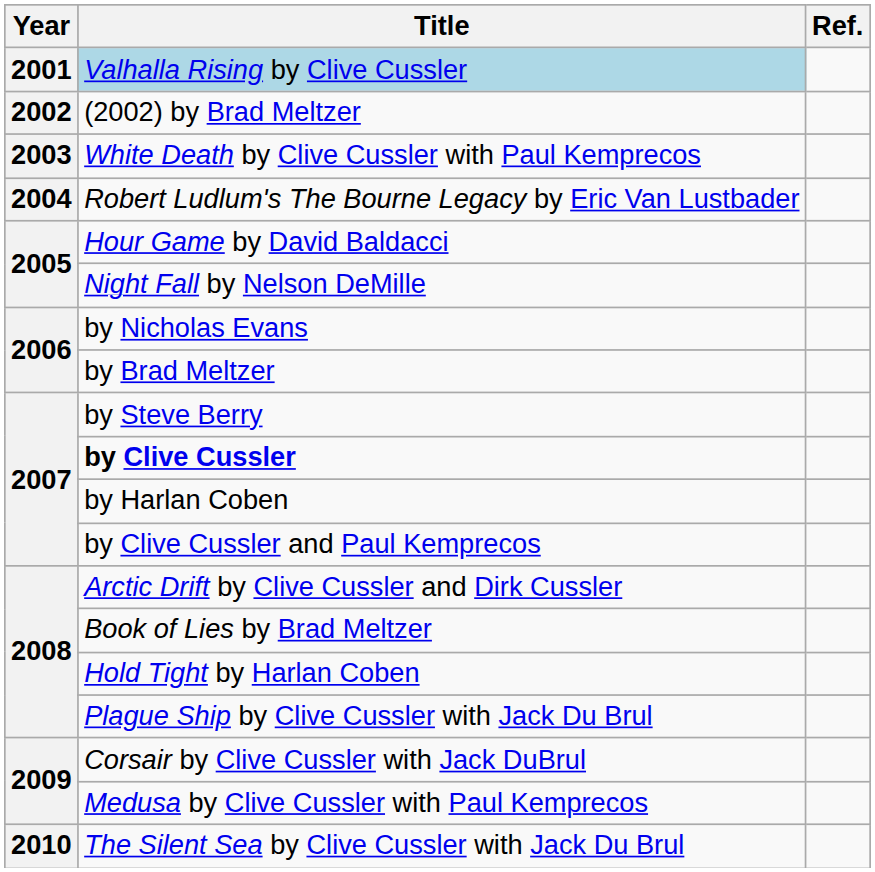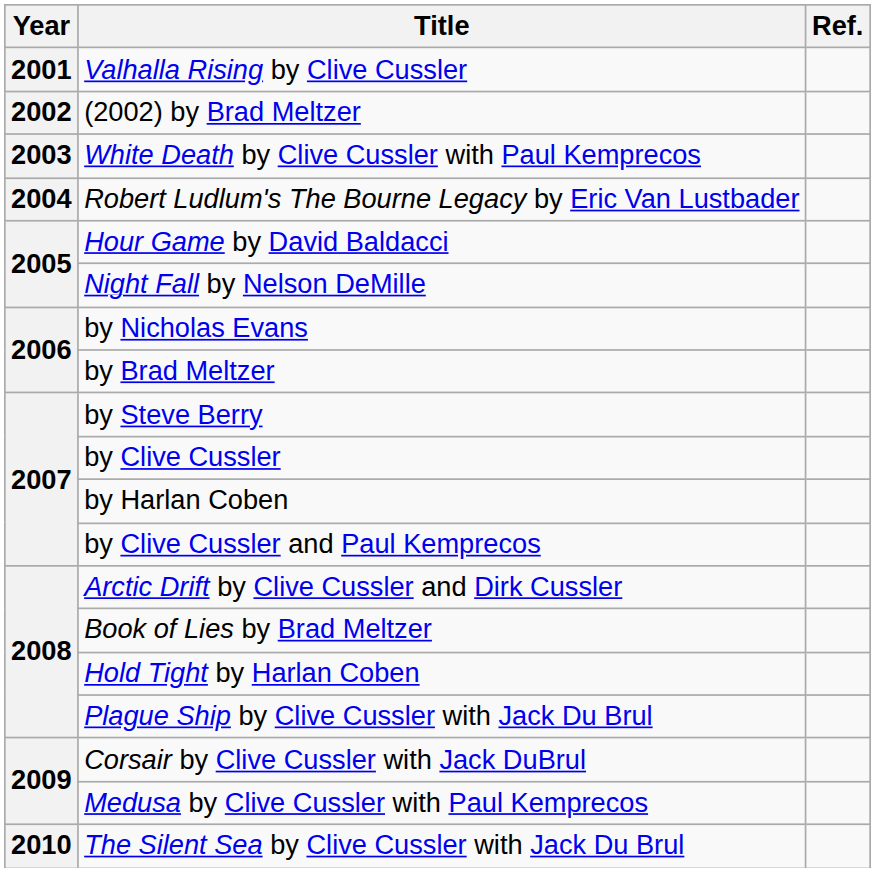 <table class="wikitable sortable mw-collapsible">
 <tr>
 <th>Year</th>
 <th>Title</th>
 <th>Ref.</th>
 </tr>
 <tr>
 <th>2001</th>
-<td style="background: lightblue;"><em><a href='#'>Valhalla Rising</a></em> by <a href='#'>Clive Cussler</a></td>
+<td><em><a href='#'>Valhalla Rising</a></em> by <a href='#'>Clive Cussler</a></td>
 <td></td>
 </tr>
 <tr>
 <th>2002</th>
 <td><em></em> (2002) by <a href='#'>Brad Meltzer</a></td>
 <td></td>
 </tr>
 <tr>
 <th>2003</th>
 <td><em><a href='#'>White Death</a></em> by <a href='#'>Clive Cussler</a> with <a href='#'>Paul Kemprecos</a></td>
 <td></td>
 </tr>
 <tr>
 <th>2004</th>
 <td><em>Robert Ludlum's The Bourne Legacy</em> by <a href='#'>Eric Van Lustbader</a></td>
 <td></td>
 </tr>
 <tr>
 <th rowspan="2">2005</th>
 <td><em><a href='#'>Hour Game</a></em> by <a href='#'>David Baldacci</a></td>
 <td></td>
 </tr>
 <tr>
 <td><em><a href='#'>Night Fall</a></em> by <a href='#'>Nelson DeMille</a></td>
 <td></td>
 </tr>
 <tr>
 <th rowspan="2">2006</th>
 <td><em></em> by <a href='#'>Nicholas Evans</a></td>
 <td></td>
 </tr>
 <tr>
 <td><em></em> by <a href='#'>Brad Meltzer</a></td>
 <td></td>
 </tr>
 <tr>
 <th rowspan="4">2007</th>
 <td><em></em> by <a href='#'>Steve Berry</a></td>
 <td></td>
 </tr>
 <tr>
-<td><strong><em></em> by <a href='#'>Clive Cussler</a></strong></td>
+<td><em></em> by <a href='#'>Clive Cussler</a></td>
 <td></td>
 </tr>
 <tr>
 <td><em></em> by Harlan Coben</td>
 <td></td>
 </tr>
 <tr>
 <td><em></em> by <a href='#'>Clive Cussler</a> and <a href='#'>Paul Kemprecos</a></td>
 <td></td>
 </tr>
 <tr>
 <th rowspan="4">2008</th>
 <td><em><a href='#'>Arctic Drift</a></em> by <a href='#'>Clive Cussler</a> and <a href='#'>Dirk Cussler</a></td>
 <td></td>
 </tr>
 <tr>
 <td><em>Book of Lies</em> by <a href='#'>Brad Meltzer</a></td>
 <td></td>
 </tr>
 <tr>
 <td><em><a href='#'>Hold Tight</a></em> by <a href='#'>Harlan Coben</a></td>
 <td></td>
 </tr>
 <tr>
 <td><em><a href='#'>Plague Ship</a></em> by <a href='#'>Clive Cussler</a> with <a href='#'>Jack Du Brul</a></td>
 <td></td>
 </tr>
 <tr>
 <th rowspan="2">2009</th>
 <td><em>Corsair</em> by <a href='#'>Clive Cussler</a> with <a href='#'>Jack DuBrul</a></td>
 <td></td>
 </tr>
 <tr>
 <td><em><a href='#'>Medusa</a></em> by <a href='#'>Clive Cussler</a> with <a href='#'>Paul Kemprecos</a></td>
 <td></td>
 </tr>
 <tr>
 <th>2010</th>
 <td><em><a href='#'>The Silent Sea</a></em> by <a href='#'>Clive Cussler</a> with <a href='#'>Jack Du Brul</a></td>
 <td></td>
 </tr>
 </table>
